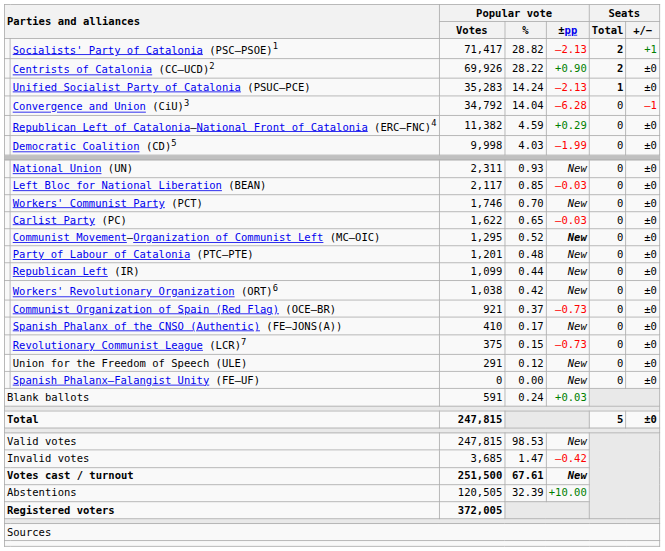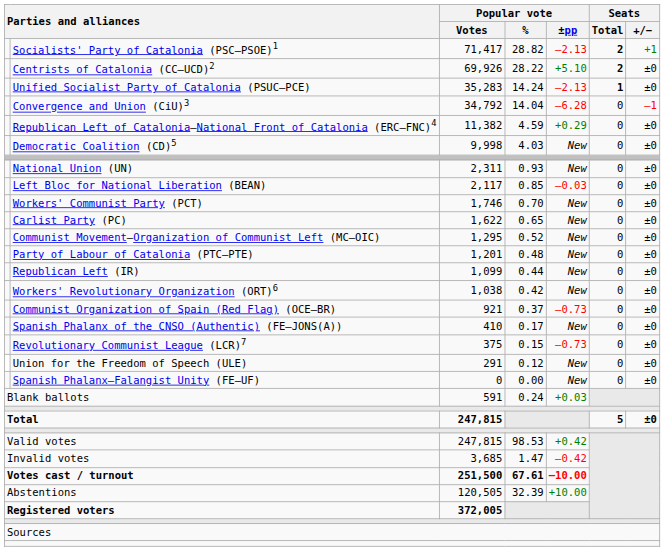 <table class="wikitable" style="text-align:right;">
 <tr>
 <th style="text-align:left;" rowspan="2" colspan="2" width="525">Parties and alliances</th>
 <th colspan="3">Popular vote</th>
 <th colspan="2">Seats</th>
 </tr>
 <tr>
 <th width="75">Votes</th>
 <th width="45">%</th>
 <th width="45">±<a href='#'>pp</a></th>
 <th width="35">Total</th>
 <th width="35">+/−</th>
 </tr>
 <tr>
 <td width="1" style="color:inherit;background:"></td>
 <td align="left"><a href='#'>Socialists' Party of Catalonia</a> (PSC–PSOE)<sup>1</sup></td>
 <td>71,417</td>
 <td>28.82</td>
 <td style="color:red;">–2.13</td>
 <td><strong>2</strong></td>
 <td style="color:green;">+1</td>
 </tr>
 <tr>
 <td style="color:inherit;background:"></td>
 <td align="left"><a href='#'>Centrists of Catalonia</a> (CC–UCD)<sup>2</sup></td>
 <td>69,926</td>
 <td>28.22</td>
-<td style="color:green;">+0.90</td>
+<td style="color:green;">+5.10</td>
 <td><strong>2</strong></td>
 <td>±0</td>
 </tr>
 <tr>
 <td style="color:inherit;background:"></td>
 <td align="left"><a href='#'>Unified Socialist Party of Catalonia</a> (PSUC–PCE)</td>
 <td>35,283</td>
 <td>14.24</td>
 <td style="color:red;">–2.13</td>
 <td><strong>1</strong></td>
 <td>±0</td>
 </tr>
 <tr>
 <td style="color:inherit;background:"></td>
 <td align="left"><a href='#'>Convergence and Union</a> (CiU)<sup>3</sup></td>
 <td>34,792</td>
 <td>14.04</td>
 <td style="color:red;">–6.28</td>
 <td>0</td>
 <td style="color:red;">–1</td>
 </tr>
 <tr>
 <td style="color:inherit;background:"></td>
 <td align="left"><a href='#'>Republican Left of Catalonia</a>–<a href='#'>National Front of Catalonia</a> (ERC–FNC)<sup>4</sup></td>
 <td>11,382</td>
 <td>4.59</td>
 <td style="color:green;">+0.29</td>
 <td>0</td>
 <td>±0</td>
 </tr>
 <tr>
 <td style="color:inherit;background:"></td>
 <td align="left"><a href='#'>Democratic Coalition</a> (CD)<sup>5</sup></td>
 <td>9,998</td>
 <td>4.03</td>
-<td style="color:red;">–1.99</td>
+<td><em>New</em></td>
 <td>0</td>
 <td>±0</td>
 </tr>
 <tr>
 <td colspan="7" bgcolor="#C0C0C0"></td>
 </tr>
 <tr>
 <td style="color:inherit;background:"></td>
 <td align="left"><a href='#'>National Union</a> (UN)</td>
 <td>2,311</td>
 <td>0.93</td>
 <td><em>New</em></td>
 <td>0</td>
 <td>±0</td>
 </tr>
 <tr>
 <td style="color:inherit;background:"></td>
 <td align="left"><a href='#'>Left Bloc for National Liberation</a> (BEAN)</td>
 <td>2,117</td>
 <td>0.85</td>
 <td style="color:red;">–0.03</td>
 <td>0</td>
 <td>±0</td>
 </tr>
 <tr>
 <td style="color:inherit;background:"></td>
 <td align="left"><a href='#'>Workers' Communist Party</a> (PCT)</td>
 <td>1,746</td>
 <td>0.70</td>
 <td><em>New</em></td>
 <td>0</td>
 <td>±0</td>
 </tr>
 <tr>
 <td style="color:inherit;background:"></td>
 <td align="left"><a href='#'>Carlist Party</a> (PC)</td>
 <td>1,622</td>
 <td>0.65</td>
-<td style="color:red;">–0.03</td>
+<td><em>New</em></td>
 <td>0</td>
 <td>±0</td>
 </tr>
 <tr>
 <td style="color:inherit;background:"></td>
 <td align="left"><a href='#'>Communist Movement</a>–<a href='#'>Organization of Communist Left</a> (MC–OIC)</td>
 <td>1,295</td>
 <td>0.52</td>
-<td><strong><em>New</em></strong></td>
+<td><em>New</em></td>
 <td>0</td>
 <td>±0</td>
 </tr>
 <tr>
 <td style="color:inherit;background:"></td>
 <td align="left"><a href='#'>Party of Labour of Catalonia</a> (PTC–PTE)</td>
 <td>1,201</td>
 <td>0.48</td>
 <td><em>New</em></td>
 <td>0</td>
 <td>±0</td>
 </tr>
 <tr>
 <td style="color:inherit;background:"></td>
 <td align="left"><a href='#'>Republican Left</a> (IR)</td>
 <td>1,099</td>
 <td>0.44</td>
 <td><em>New</em></td>
 <td>0</td>
 <td>±0</td>
 </tr>
 <tr>
 <td style="color:inherit;background:"></td>
 <td align="left"><a href='#'>Workers' Revolutionary Organization</a> (ORT)<sup>6</sup></td>
 <td>1,038</td>
 <td>0.42</td>
 <td><em>New</em></td>
 <td>0</td>
 <td>±0</td>
 </tr>
 <tr>
 <td style="color:inherit;background:"></td>
 <td align="left"><a href='#'>Communist Organization of Spain (Red Flag)</a> (OCE–BR)</td>
 <td>921</td>
 <td>0.37</td>
 <td style="color:red;">–0.73</td>
 <td>0</td>
 <td>±0</td>
 </tr>
 <tr>
 <td style="color:inherit;background:"></td>
 <td align="left"><a href='#'>Spanish Phalanx of the CNSO (Authentic)</a> (FE–JONS(A))</td>
 <td>410</td>
 <td>0.17</td>
 <td><em>New</em></td>
 <td>0</td>
 <td>±0</td>
 </tr>
 <tr>
 <td style="color:inherit;background:"></td>
 <td align="left"><a href='#'>Revolutionary Communist League</a> (LCR)<sup>7</sup></td>
 <td>375</td>
 <td>0.15</td>
 <td style="color:red;">–0.73</td>
 <td>0</td>
 <td>±0</td>
 </tr>
 <tr>
 <td bgcolor="white"></td>
 <td align="left">Union for the Freedom of Speech (ULE)</td>
 <td>291</td>
 <td>0.12</td>
 <td><em>New</em></td>
 <td>0</td>
 <td>±0</td>
 </tr>
 <tr>
 <td style="color:inherit;background:"></td>
 <td align="left"><a href='#'>Spanish Phalanx–Falangist Unity</a> (FE–UF)</td>
 <td>0</td>
 <td>0.00</td>
 <td><em>New</em></td>
 <td>0</td>
 <td>±0</td>
 </tr>
 <tr>
 <td align="left" colspan="2">Blank ballots</td>
 <td>591</td>
 <td>0.24</td>
 <td style="color:green;">+0.03</td>
 <td bgcolor="#E9E9E9" colspan="2"></td>
 </tr>
 <tr>
 <td colspan="7" bgcolor="#E9E9E9"></td>
 </tr>
 <tr style="font-weight:bold;">
 <td align="left" colspan="2">Total</td>
 <td>247,815</td>
 <td bgcolor="#E9E9E9" colspan="2"></td>
 <td>5</td>
 <td>±0</td>
 </tr>
 <tr>
 <td colspan="7" bgcolor="#E9E9E9"></td>
 </tr>
 <tr>
 <td align="left" colspan="2">Valid votes</td>
 <td>247,815</td>
 <td>98.53</td>
-<td><em>New</em></td>
+<td style="color:green;">+0.42</td>
 <td bgcolor="#E9E9E9" colspan="2" rowspan="5"></td>
 </tr>
 <tr>
 <td align="left" colspan="2">Invalid votes</td>
 <td>3,685</td>
 <td>1.47</td>
 <td style="color:red;">–0.42</td>
 </tr>
 <tr style="font-weight:bold;">
 <td align="left" colspan="2">Votes cast / turnout</td>
 <td>251,500</td>
 <td>67.61</td>
-<td><em>New</em></td>
+<td style="color:red;">–10.00</td>
 </tr>
 <tr>
 <td align="left" colspan="2">Abstentions</td>
 <td>120,505</td>
 <td>32.39</td>
 <td style="color:green;">+10.00</td>
 </tr>
 <tr style="font-weight:bold;">
 <td align="left" colspan="2">Registered voters</td>
 <td>372,005</td>
 <td bgcolor="#E9E9E9" colspan="2"></td>
 </tr>
 <tr>
 <td colspan="7" bgcolor="#E9E9E9"></td>
 </tr>
 <tr>
 <td align="left" colspan="7">Sources</td>
 </tr>
 <tr>
 <td colspan="7" style="text-align:left; max-width:790px;"></td>
 </tr>
 </table>
